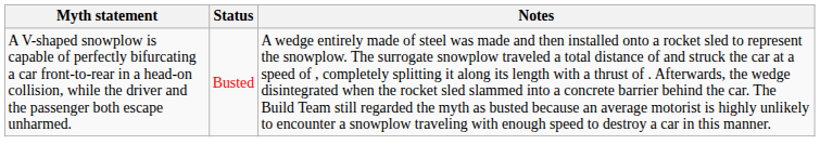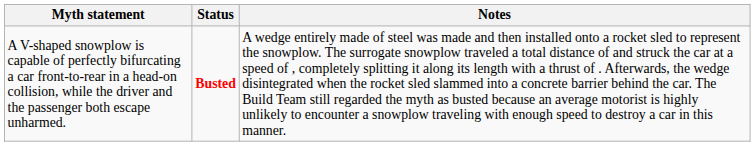 <table class="wikitable plainrowheaders">
 <tr>
 <th>Myth statement</th>
 <th>Status</th>
 <th>Notes</th>
 </tr>
 <tr>
 <td>A V-shaped snowplow is capable of perfectly bifurcating a car front-to-rear in a head-on collision, while the driver and the passenger both escape unharmed.</td>
-<td style="color:red">Busted</td>
+<td style="color:red"><strong>Busted</strong></td>
 <td>A wedge entirely made of steel was made and then installed onto a rocket sled to represent the snowplow. The surrogate snowplow traveled a total distance of  and struck the car at a speed of , completely splitting it along its length with a thrust of . Afterwards, the wedge disintegrated when the rocket sled slammed into a concrete barrier behind the car. The Build Team still regarded the myth as busted because an average motorist is highly unlikely to encounter a snowplow traveling with enough speed to destroy a car in this manner.</td>
 </tr>
 </table>
